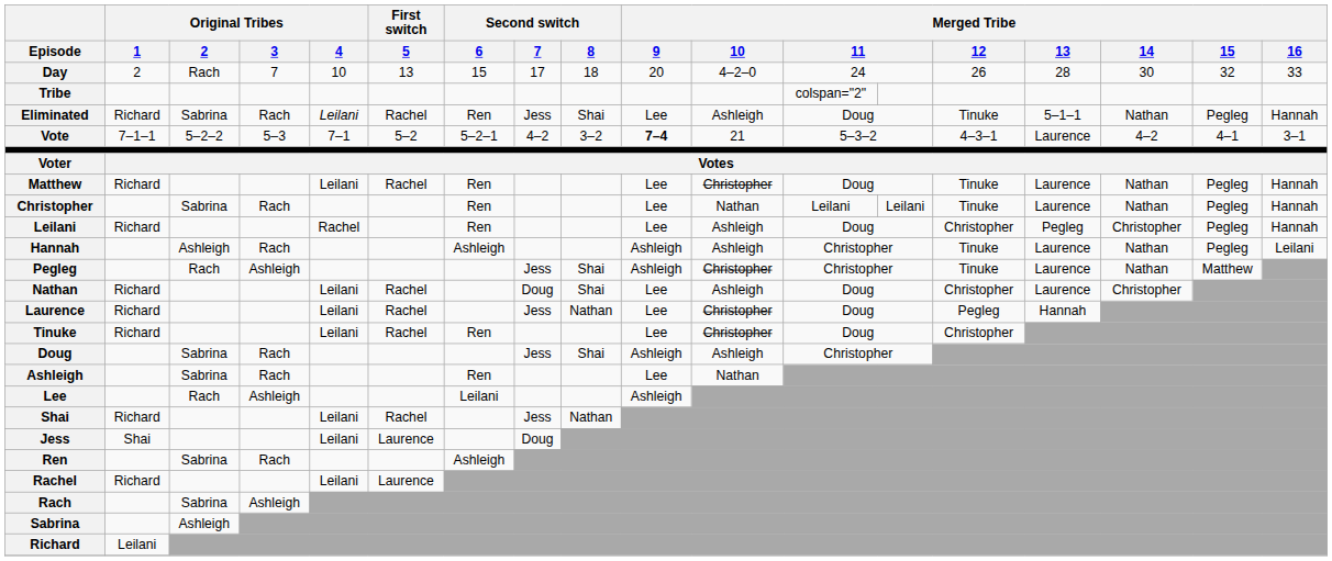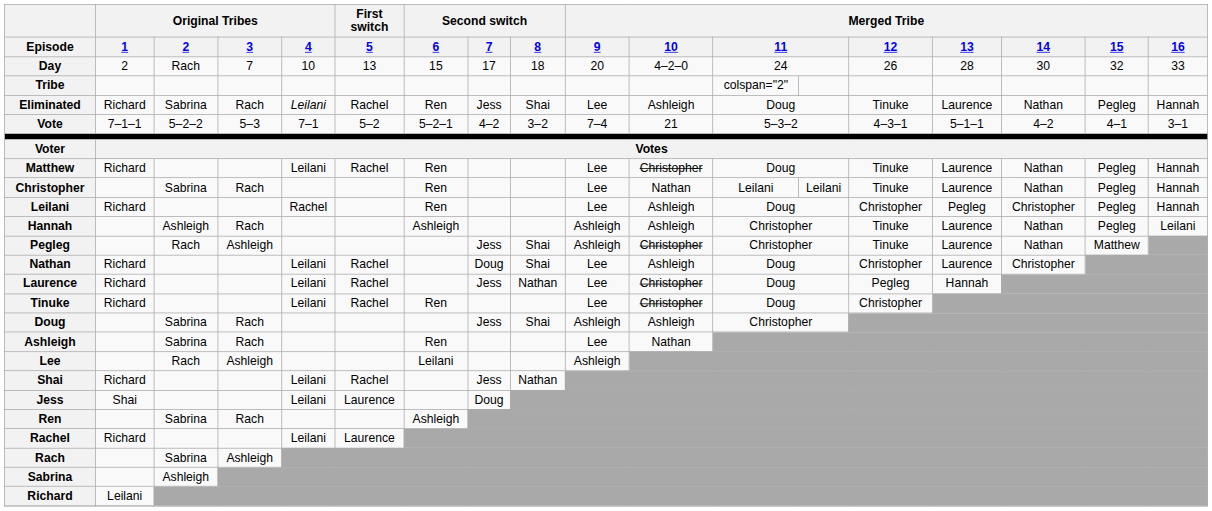 <table class="wikitable nowrap" style="text-align:center;" width="100%">
 <tr>
 <th></th>
 <th colspan="4">Original Tribes</th>
 <th colspan="1">First<br>switch</th>
 <th colspan="3">Second switch</th>
 <th colspan="9">Merged Tribe</th>
 </tr>
 <tr>
 <th>Episode</th>
 <th><a href='#'>1</a></th>
 <th><a href='#'>2</a></th>
 <th><a href='#'>3</a></th>
 <th><a href='#'>4</a></th>
 <th><a href='#'>5</a></th>
 <th><a href='#'>6</a></th>
 <th><a href='#'>7</a></th>
 <th><a href='#'>8</a></th>
 <th><a href='#'>9</a></th>
 <th><a href='#'>10</a></th>
 <th colspan="2"><a href='#'>11</a></th>
 <th><a href='#'>12</a></th>
 <th><a href='#'>13</a></th>
 <th><a href='#'>14</a></th>
 <th><a href='#'>15</a></th>
 <th><a href='#'>16</a></th>
 </tr>
 <tr>
 <th>Day</th>
 <td>2</td>
 <td>Rach</td>
 <td>7</td>
 <td>10</td>
 <td>13</td>
 <td>15</td>
 <td>17</td>
 <td>18</td>
 <td>20</td>
 <td>4–2–0</td>
 <td colspan="2">24</td>
 <td>26</td>
 <td>28</td>
 <td>30</td>
 <td>32</td>
 <td>33</td>
 </tr>
 <tr>
 <th>Tribe</th>
 <td></td>
 <td></td>
 <td></td>
 <td></td>
 <td></td>
 <td></td>
 <td></td>
 <td></td>
 <td></td>
 <td></td>
 <td>colspan="2" </td>
 <td></td>
 <td></td>
 <td></td>
 <td></td>
 <td></td>
 </tr>
 <tr>
 <th>Eliminated</th>
 <td>Richard</td>
 <td>Sabrina</td>
 <td>Rach</td>
 <td><em>Leilani</em></td>
 <td>Rachel</td>
 <td>Ren</td>
 <td>Jess</td>
 <td>Shai</td>
 <td>Lee</td>
 <td>Ashleigh</td>
 <td colspan="2">Doug</td>
 <td>Tinuke</td>
-<td>5–1–1</td>
+<td>Laurence</td>
 <td>Nathan</td>
 <td>Pegleg</td>
 <td>Hannah</td>
 </tr>
 <tr>
 <th>Vote</th>
 <td>7–1–1</td>
 <td>5–2–2</td>
 <td>5–3</td>
 <td>7–1</td>
 <td>5–2</td>
 <td>5–2–1</td>
 <td>4–2</td>
 <td>3–2</td>
-<td><strong>7–4</strong></td>
+<td>7–4</td>
 <td>21</td>
 <td colspan="2">5–3–2</td>
 <td>4–3–1</td>
-<td>Laurence</td>
+<td>5–1–1</td>
 <td>4–2</td>
 <td>4–1</td>
 <td>3–1</td>
 </tr>
 <tr>
 <td bgcolor=black colspan="19"></td>
 </tr>
 <tr>
 <th>Voter</th>
 <th colspan=17>Votes</th>
 </tr>
 <tr>
 <th>Matthew</th>
 <td>Richard</td>
 <td></td>
 <td></td>
 <td>Leilani</td>
 <td>Rachel</td>
 <td>Ren</td>
 <td></td>
 <td></td>
 <td>Lee</td>
 <td><s>Christopher</s></td>
 <td colspan="2">Doug</td>
 <td>Tinuke</td>
 <td>Laurence</td>
 <td>Nathan</td>
 <td>Pegleg</td>
 <td>Hannah</td>
 </tr>
 <tr>
 <th>Christopher</th>
 <td></td>
 <td>Sabrina</td>
 <td>Rach</td>
 <td></td>
 <td></td>
 <td>Ren</td>
 <td></td>
 <td></td>
 <td>Lee</td>
 <td>Nathan</td>
 <td>Leilani</td>
 <td>Leilani</td>
 <td>Tinuke</td>
 <td>Laurence</td>
 <td>Nathan</td>
 <td>Pegleg</td>
 <td>Hannah</td>
 </tr>
 <tr>
 <th>Leilani</th>
 <td>Richard</td>
 <td></td>
 <td></td>
 <td>Rachel</td>
 <td></td>
 <td>Ren</td>
 <td></td>
 <td></td>
 <td>Lee</td>
 <td>Ashleigh</td>
 <td colspan="2">Doug</td>
 <td>Christopher</td>
 <td>Pegleg</td>
 <td>Christopher</td>
 <td>Pegleg</td>
 <td>Hannah</td>
 </tr>
 <tr>
 <th>Hannah</th>
 <td></td>
 <td>Ashleigh</td>
 <td>Rach</td>
 <td></td>
 <td></td>
 <td>Ashleigh</td>
 <td></td>
 <td></td>
 <td>Ashleigh</td>
 <td>Ashleigh</td>
 <td colspan="2">Christopher</td>
 <td>Tinuke</td>
 <td>Laurence</td>
 <td>Nathan</td>
 <td>Pegleg</td>
 <td>Leilani</td>
 </tr>
 <tr>
 <th>Pegleg</th>
 <td></td>
 <td>Rach</td>
 <td>Ashleigh</td>
 <td></td>
 <td></td>
 <td></td>
 <td>Jess</td>
 <td>Shai</td>
 <td>Ashleigh</td>
 <td><s>Christopher</s></td>
 <td colspan="2">Christopher</td>
 <td>Tinuke</td>
 <td>Laurence</td>
 <td>Nathan</td>
 <td>Matthew</td>
 <td colspan="1" bgcolor="darkgrey"></td>
 </tr>
 <tr>
 <th>Nathan</th>
 <td>Richard</td>
 <td></td>
 <td></td>
 <td>Leilani</td>
 <td>Rachel</td>
 <td></td>
 <td>Doug</td>
 <td>Shai</td>
 <td>Lee</td>
 <td>Ashleigh</td>
 <td colspan="2">Doug</td>
 <td>Christopher</td>
 <td>Laurence</td>
 <td>Christopher</td>
 <td colspan="2" bgcolor="darkgrey"></td>
 </tr>
 <tr>
 <th>Laurence</th>
 <td>Richard</td>
 <td></td>
 <td></td>
 <td>Leilani</td>
 <td>Rachel</td>
 <td></td>
 <td>Jess</td>
 <td>Nathan</td>
 <td>Lee</td>
 <td><s>Christopher</s></td>
 <td colspan="2">Doug</td>
 <td>Pegleg</td>
 <td>Hannah</td>
 <td bgcolor="darkgrey" colspan="3"></td>
 </tr>
 <tr>
 <th>Tinuke</th>
 <td>Richard</td>
 <td></td>
 <td></td>
 <td>Leilani</td>
 <td>Rachel</td>
 <td>Ren</td>
 <td></td>
 <td></td>
 <td>Lee</td>
 <td><s>Christopher</s></td>
 <td colspan="2">Doug</td>
 <td>Christopher</td>
 <td bgcolor="darkgrey" colspan="5"></td>
 </tr>
 <tr>
 <th>Doug</th>
 <td></td>
 <td>Sabrina</td>
 <td>Rach</td>
 <td></td>
 <td></td>
 <td></td>
 <td>Jess</td>
 <td>Shai</td>
 <td>Ashleigh</td>
 <td>Ashleigh</td>
 <td colspan="2">Christopher</td>
 <td bgcolor="darkgrey" colspan="6"></td>
 </tr>
 <tr>
 <th>Ashleigh</th>
 <td></td>
 <td>Sabrina</td>
 <td>Rach</td>
 <td></td>
 <td></td>
 <td>Ren</td>
 <td></td>
 <td></td>
 <td>Lee</td>
 <td>Nathan</td>
 <td bgcolor="darkgrey" colspan="7"></td>
 </tr>
 <tr>
 <th>Lee</th>
 <td></td>
 <td>Rach</td>
 <td>Ashleigh</td>
 <td></td>
 <td></td>
 <td>Leilani</td>
 <td></td>
 <td></td>
 <td>Ashleigh</td>
 <td bgcolor="darkgrey" colspan="8"></td>
 </tr>
 <tr>
 <th>Shai</th>
 <td>Richard</td>
 <td></td>
 <td></td>
 <td>Leilani</td>
 <td>Rachel</td>
 <td></td>
 <td>Jess</td>
 <td>Nathan</td>
 <td bgcolor="darkgrey" colspan="9"></td>
 </tr>
 <tr>
 <th>Jess</th>
 <td>Shai</td>
 <td></td>
 <td></td>
 <td>Leilani</td>
 <td>Laurence</td>
 <td></td>
 <td>Doug</td>
 <td bgcolor="darkgrey" colspan="10"></td>
 </tr>
 <tr>
 <th>Ren</th>
 <td></td>
 <td>Sabrina</td>
 <td>Rach</td>
 <td></td>
 <td></td>
 <td>Ashleigh</td>
 <td bgcolor=darkgrey colspan=11></td>
 </tr>
 <tr>
 <th>Rachel</th>
 <td>Richard</td>
 <td></td>
 <td></td>
 <td>Leilani</td>
 <td>Laurence</td>
 <td bgcolor=darkgrey colspan=12></td>
 </tr>
 <tr>
 <th>Rach</th>
 <td></td>
 <td>Sabrina</td>
 <td>Ashleigh</td>
 <td bgcolor=darkgrey colspan="14"></td>
 </tr>
 <tr>
 <th>Sabrina</th>
 <td></td>
 <td>Ashleigh</td>
 <td bgcolor=darkgrey colspan=15></td>
 </tr>
 <tr>
 <th>Richard</th>
 <td>Leilani</td>
 <td bgcolor=darkgrey colspan=16></td>
 </tr>
 <tr>
 </tr>
 </table>
